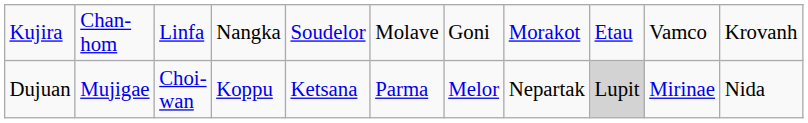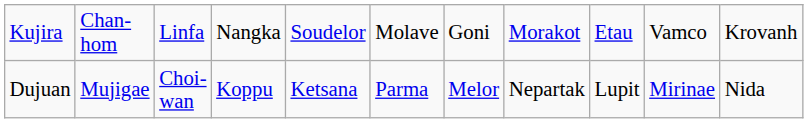 <table class="wikitable">
 <tr>
 <td><a href='#'>Kujira</a></td>
 <td><a href='#'>Chan-hom</a></td>
 <td><a href='#'>Linfa</a></td>
 <td>Nangka</td>
 <td><a href='#'>Soudelor</a></td>
 <td>Molave</td>
 <td>Goni</td>
 <td><a href='#'>Morakot</a></td>
 <td><a href='#'>Etau</a></td>
 <td>Vamco</td>
 <td>Krovanh</td>
 </tr>
 <tr>
 <td>Dujuan</td>
 <td><a href='#'>Mujigae</a></td>
 <td><a href='#'>Choi-wan</a></td>
 <td><a href='#'>Koppu</a></td>
 <td><a href='#'>Ketsana</a></td>
 <td><a href='#'>Parma</a></td>
 <td><a href='#'>Melor</a></td>
 <td>Nepartak</td>
-<td style="background: lightgrey;">Lupit</td>
+<td>Lupit</td>
 <td><a href='#'>Mirinae</a></td>
 <td>Nida</td>
 </tr>
 </table>
